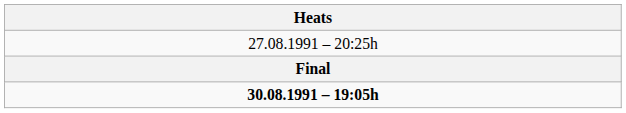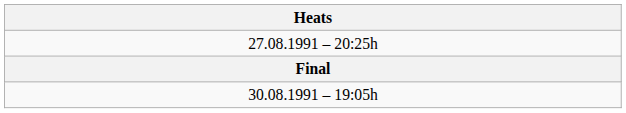 <table class="wikitable" style=" text-align:center; font-size:110%;" width="35%">
 <tr>
 <th>Heats</th>
 </tr>
 <tr>
 <td>27.08.1991 – 20:25h</td>
 </tr>
 <tr>
 <th>Final</th>
 </tr>
 <tr>
-<td><strong>30.08.1991 – 19:05h</strong></td>
+<td>30.08.1991 – 19:05h</td>
 </tr>
 </table>
